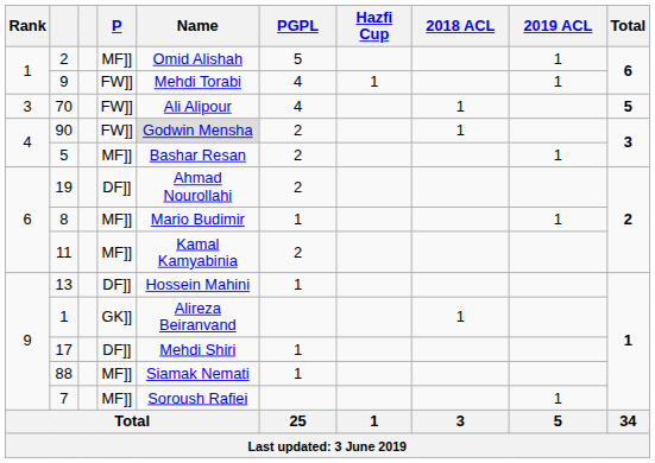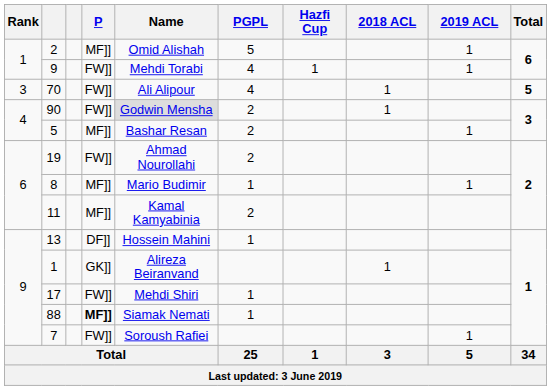 <table class="wikitable" style="text-align:center; font-size:90%">
 <tr>
 <th width=25>Rank</th>
 <th width=25></th>
 <th width=25></th>
 <th width=25><a href='#'>P</a></th>
 <th width=150>Name</th>
 <th width=100><a href='#'>PGPL</a></th>
 <th width=100><a href='#'>Hazfi Cup</a></th>
 <th width=150><a href='#'>2018 ACL</a></th>
 <th width=150><a href='#'>2019 ACL</a></th>
 <th>Total</th>
 </tr>
 <tr>
 <td rowspan=2>1</td>
 <td>2</td>
 <td></td>
 <td [[>MF]]</td>
 <td><a href='#'>Omid Alishah</a></td>
 <td>5</td>
 <td></td>
 <td></td>
 <td>1</td>
 <td rowspan=2><strong>6</strong></td>
 </tr>
 <tr>
 <td>9</td>
 <td></td>
 <td [[>FW]]</td>
 <td><a href='#'>Mehdi Torabi</a></td>
 <td>4</td>
 <td>1</td>
 <td></td>
 <td>1</td>
 </tr>
 <tr>
 <td>3</td>
 <td>70</td>
 <td></td>
 <td [[>FW]]</td>
 <td><a href='#'>Ali Alipour</a></td>
 <td>4</td>
 <td></td>
 <td>1</td>
 <td></td>
 <td><strong>5</strong></td>
 </tr>
 <tr>
 <td rowspan=2>4</td>
 <td>90</td>
 <td></td>
 <td [[>FW]]</td>
 <td style="background:#DDDDDD"><a href='#'>Godwin Mensha</a></td>
 <td>2</td>
 <td></td>
 <td>1</td>
 <td></td>
 <td rowspan=2><strong>3</strong></td>
 </tr>
 <tr>
 <td>5</td>
 <td></td>
 <td [[>MF]]</td>
 <td><a href='#'>Bashar Resan</a></td>
 <td>2</td>
 <td></td>
 <td></td>
 <td>1</td>
 </tr>
 <tr>
 <td rowspan=3>6</td>
 <td>19</td>
 <td></td>
-<td [[>DF]]</td>
+<td [[>FW]]</td>
 <td><a href='#'>Ahmad Nourollahi</a></td>
 <td>2</td>
 <td></td>
 <td></td>
 <td></td>
 <td rowspan=3><strong>2</strong></td>
 </tr>
 <tr>
 <td>8</td>
 <td></td>
 <td [[>MF]]</td>
 <td><a href='#'>Mario Budimir</a></td>
 <td>1</td>
 <td></td>
 <td></td>
 <td>1</td>
 </tr>
 <tr>
 <td>11</td>
 <td></td>
 <td [[>MF]]</td>
 <td><a href='#'>Kamal Kamyabinia</a></td>
 <td>2</td>
 <td></td>
 <td></td>
 <td></td>
 </tr>
 <tr>
 <td rowspan=5>9</td>
 <td>13</td>
 <td></td>
 <td [[>DF]]</td>
 <td><a href='#'>Hossein Mahini</a></td>
 <td>1</td>
 <td></td>
 <td></td>
 <td></td>
 <td rowspan=5><strong>1</strong></td>
 </tr>
 <tr>
 <td>1</td>
 <td></td>
 <td [[>GK]]</td>
 <td><a href='#'>Alireza Beiranvand</a></td>
 <td></td>
 <td></td>
 <td>1</td>
 </tr>
 <tr>
 <td>17</td>
 <td></td>
-<td [[>DF]]</td>
+<td [[>FW]]</td>
 <td><a href='#'>Mehdi Shiri</a></td>
 <td>1</td>
 <td></td>
 <td></td>
 <td></td>
 </tr>
 <tr>
 <td>88</td>
 <td></td>
-<td [[>MF]]</td>
+<td [[><strong>MF]]</strong></td>
 <td><a href='#'>Siamak Nemati</a></td>
 <td>1</td>
 <td></td>
 <td></td>
 <td></td>
 </tr>
 <tr>
 <td>7</td>
 <td></td>
-<td [[>MF]]</td>
+<td [[>FW]]</td>
 <td><a href='#'>Soroush Rafiei</a></td>
 <td></td>
 <td></td>
 <td></td>
 <td>1</td>
 </tr>
 <tr>
 <th colspan=5>Total</th>
 <th><strong>25</strong></th>
 <th><strong>1</strong></th>
 <th><strong>3</strong></th>
 <th><strong>5</strong></th>
 <th><strong>34</strong></th>
 </tr>
 <tr align=left style="background:#DCDCDC">
 <th colspan="10"><small>Last updated: 3 June 2019</small></th>
 </tr>
 </table>
